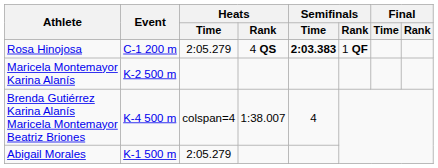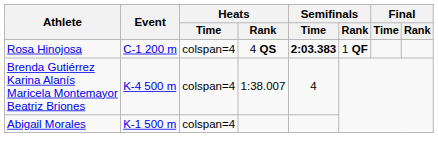 <table class=wikitable style="font-size:90%;">
 <tr>
 <th rowspan="2">Athlete</th>
 <th rowspan="2">Event</th>
 <th colspan=2>Heats</th>
 <th colspan=2>Semifinals</th>
 <th colspan=2>Final</th>
 </tr>
 <tr style="font-size:95%">
 <th>Time</th>
 <th>Rank</th>
 <th>Time</th>
 <th>Rank</th>
 <th>Time</th>
 <th>Rank</th>
 </tr>
 <tr align=center>
 <td align=left><a href='#'>Rosa Hinojosa</a></td>
 <td align=left><a href='#'>C-1 200 m</a></td>
-<td>2:05.279</td>
+<td>colspan=4 </td>
 <td>4 <strong>QS</strong></td>
 <td><strong>2:03.383</strong></td>
 <td>1 <strong>QF</strong></td>
-<td></td>
-<td></td>
-</tr>
-<tr align=center>
-<td align=left><a href='#'>Maricela Montemayor</a><br><a href='#'>Karina Alanís</a></td>
-<td align=left><a href='#'>K-2 500 m</a></td>
-<td></td>
-<td></td>
-<td></td>
-<td></td>
 <td></td>
 <td></td>
 </tr>
 <tr align=center>
 <td align=left><a href='#'>Brenda Gutiérrez</a><br><a href='#'>Karina Alanís</a><br><a href='#'>Maricela Montemayor</a><br><a href='#'>Beatriz Briones</a></td>
 <td align=left><a href='#'>K-4 500 m</a></td>
 <td>colspan=4 </td>
 <td>1:38.007</td>
 <td>4</td>
 </tr>
 <tr align=center>
 <td align=left><a href='#'>Abigail Morales</a></td>
 <td align=left><a href='#'>K-1 500 m</a></td>
-<td>2:05.279</td>
+<td>colspan=4 </td>
 <td></td>
 <td></td>
 </tr>
 </table>
